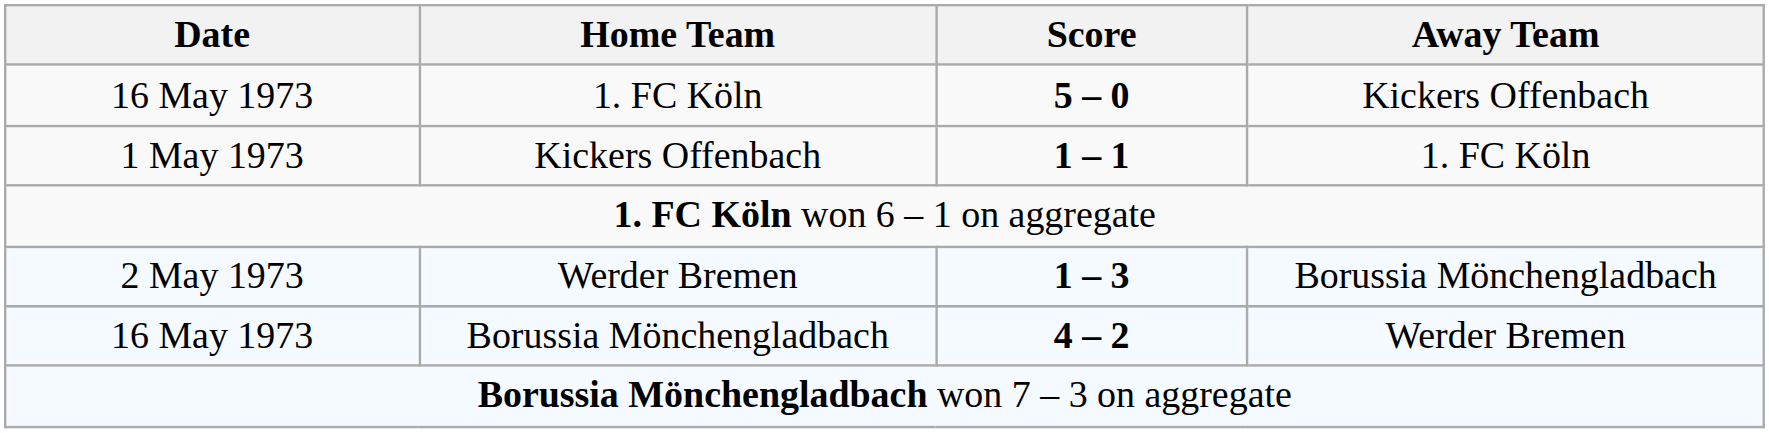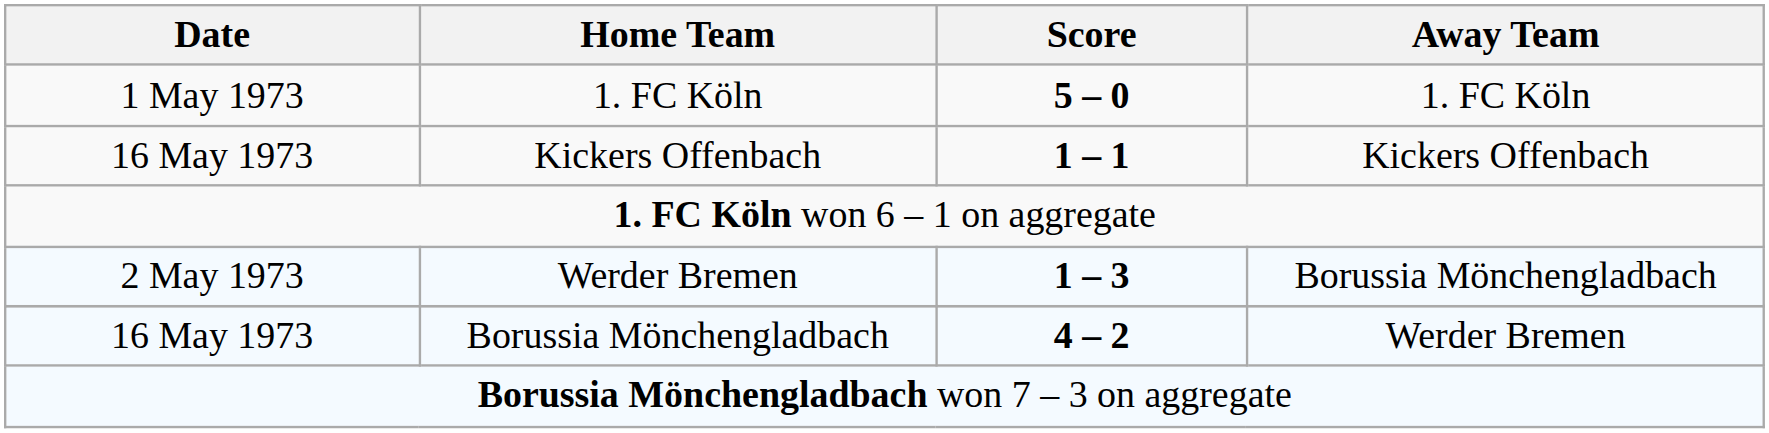 <table class="wikitable" style="text-align: center;">
 <tr>
 <th width=20%>Date</th>
 <th width=25%>Home Team</th>
 <th width=15%>Score</th>
 <th width=25%>Away Team</th>
 </tr>
 <tr>
-<td>16 May 1973</td>
+<td>1 May 1973</td>
 <td>1. FC Köln</td>
 <td><strong>5 – 0</strong></td>
-<td>Kickers Offenbach</td>
+<td>1. FC Köln</td>
 </tr>
 <tr>
-<td>1 May 1973</td>
+<td>16 May 1973</td>
 <td>Kickers Offenbach</td>
 <td><strong>1 – 1</strong></td>
-<td>1. FC Köln</td>
+<td>Kickers Offenbach</td>
 </tr>
 <tr>
 <td colspan=4><strong>1. FC Köln</strong> won 6 – 1 on aggregate</td>
 </tr>
 <tr style="background: #F4FAFF;">
 <td>2 May 1973</td>
 <td>Werder Bremen</td>
 <td><strong>1 – 3</strong></td>
 <td>Borussia Mönchengladbach</td>
 </tr>
 <tr>
 </tr>
 <tr style="background: #F4FAFF;">
 <td>16 May 1973</td>
 <td>Borussia Mönchengladbach</td>
 <td><strong>4 – 2</strong></td>
 <td>Werder Bremen</td>
 </tr>
 <tr style="background: #F4FAFF;">
 <td colspan=4><strong>Borussia Mönchengladbach</strong> won 7 – 3 on aggregate</td>
 </tr>
 </table>
